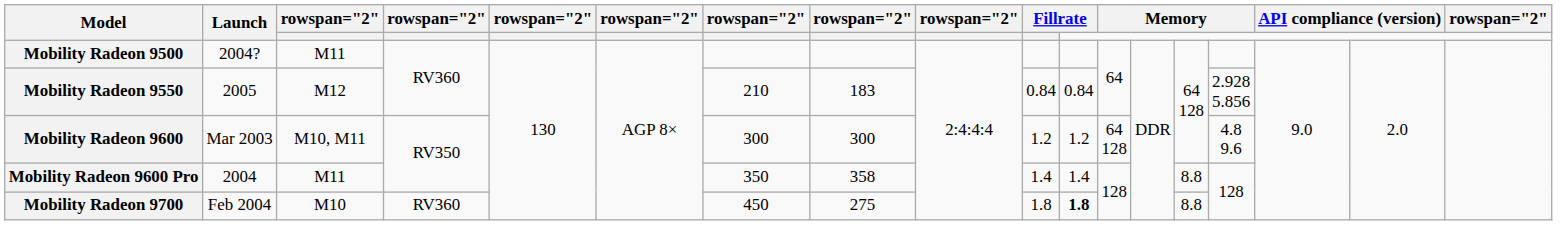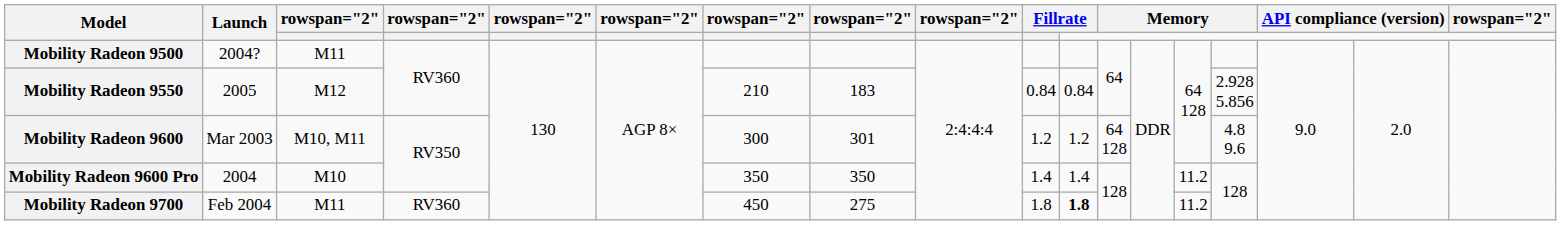 <table class="mw-datatable wikitable sortable" style="font-size: 80%; text-align:center;">
 <tr>
 <th rowspan="2">Model</th>
 <th rowspan="2">Launch</th>
 <th>rowspan="2" </th>
 <th>rowspan="2" </th>
 <th>rowspan="2" </th>
 <th>rowspan="2" </th>
 <th>rowspan="2" </th>
 <th>rowspan="2" </th>
 <th>rowspan="2" </th>
 <th colspan="2"><a href='#'>Fillrate</a></th>
 <th colspan="4">Memory</th>
 <th colspan="2"><a href='#'>API</a> compliance (version)</th>
 <th>rowspan="2" </th>
 </tr>
 <tr>
 <th></th>
 <th></th>
 <th></th>
 <th></th>
 <th></th>
 <th></th>
 <th></th>
 <th></th>
 </tr>
 <tr>
 <th>Mobility Radeon 9500</th>
 <td>2004?</td>
 <td>M11</td>
 <td rowspan="2">RV360</td>
 <td rowspan="5">130</td>
 <td rowspan="5">AGP 8×</td>
 <td></td>
 <td></td>
 <td rowspan="5">2:4:4:4</td>
 <td></td>
 <td></td>
 <td rowspan="2">64</td>
 <td rowspan="5">DDR</td>
 <td rowspan="3">64<br>128</td>
 <td></td>
 <td rowspan="5">9.0</td>
 <td rowspan="5">2.0</td>
 <td rowspan="5"></td>
 </tr>
 <tr>
 <th>Mobility Radeon 9550</th>
 <td>2005</td>
 <td>M12</td>
 <td>210</td>
 <td>183</td>
 <td>0.84</td>
 <td>0.84</td>
 <td>2.928<br>5.856</td>
 </tr>
 <tr>
 <th>Mobility Radeon 9600</th>
 <td>Mar 2003</td>
 <td>M10, M11</td>
 <td rowspan="2">RV350</td>
 <td>300</td>
-<td>300</td>
+<td>301</td>
 <td>1.2</td>
 <td>1.2</td>
 <td>64<br>128</td>
 <td>4.8<br>9.6</td>
 </tr>
 <tr>
 <th>Mobility Radeon 9600 Pro</th>
 <td>2004</td>
-<td>M11</td>
+<td>M10</td>
 <td>350</td>
-<td>358</td>
+<td>350</td>
 <td>1.4</td>
 <td>1.4</td>
 <td rowspan="2">128</td>
-<td>8.8</td>
+<td>11.2</td>
 <td rowspan="2">128</td>
 </tr>
 <tr>
 <th>Mobility Radeon 9700</th>
 <td>Feb 2004</td>
-<td>M10</td>
+<td>M11</td>
 <td>RV360</td>
 <td>450</td>
 <td>275</td>
 <td>1.8</td>
 <td><strong>1.8</strong></td>
-<td>8.8</td>
+<td>11.2</td>
 </tr>
 </table>
